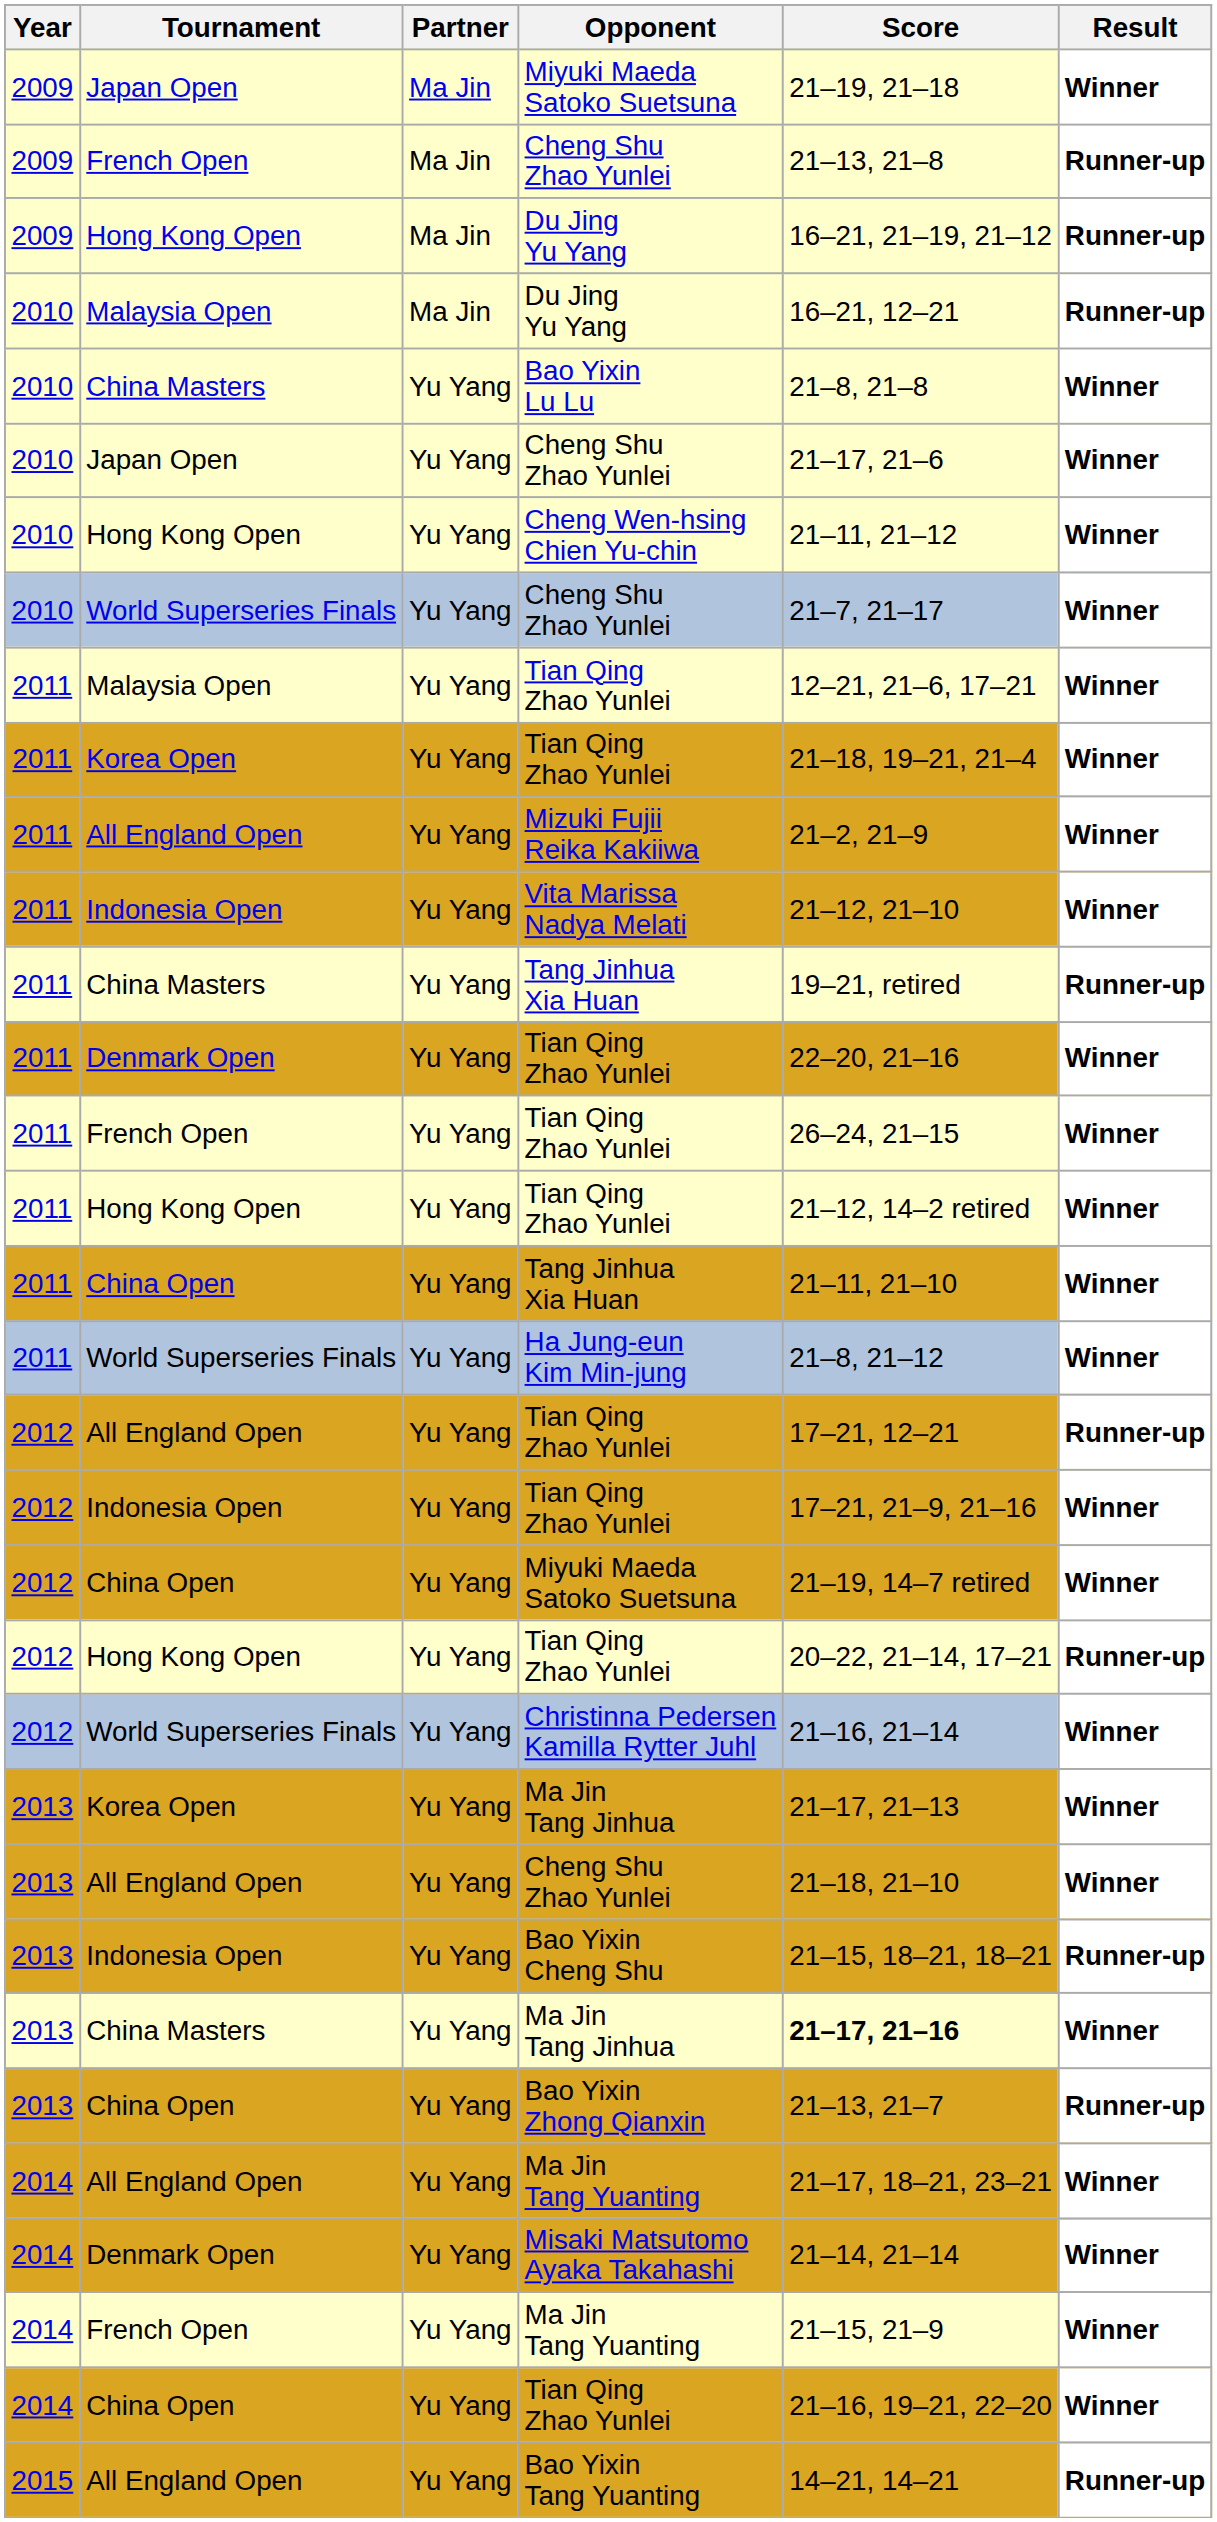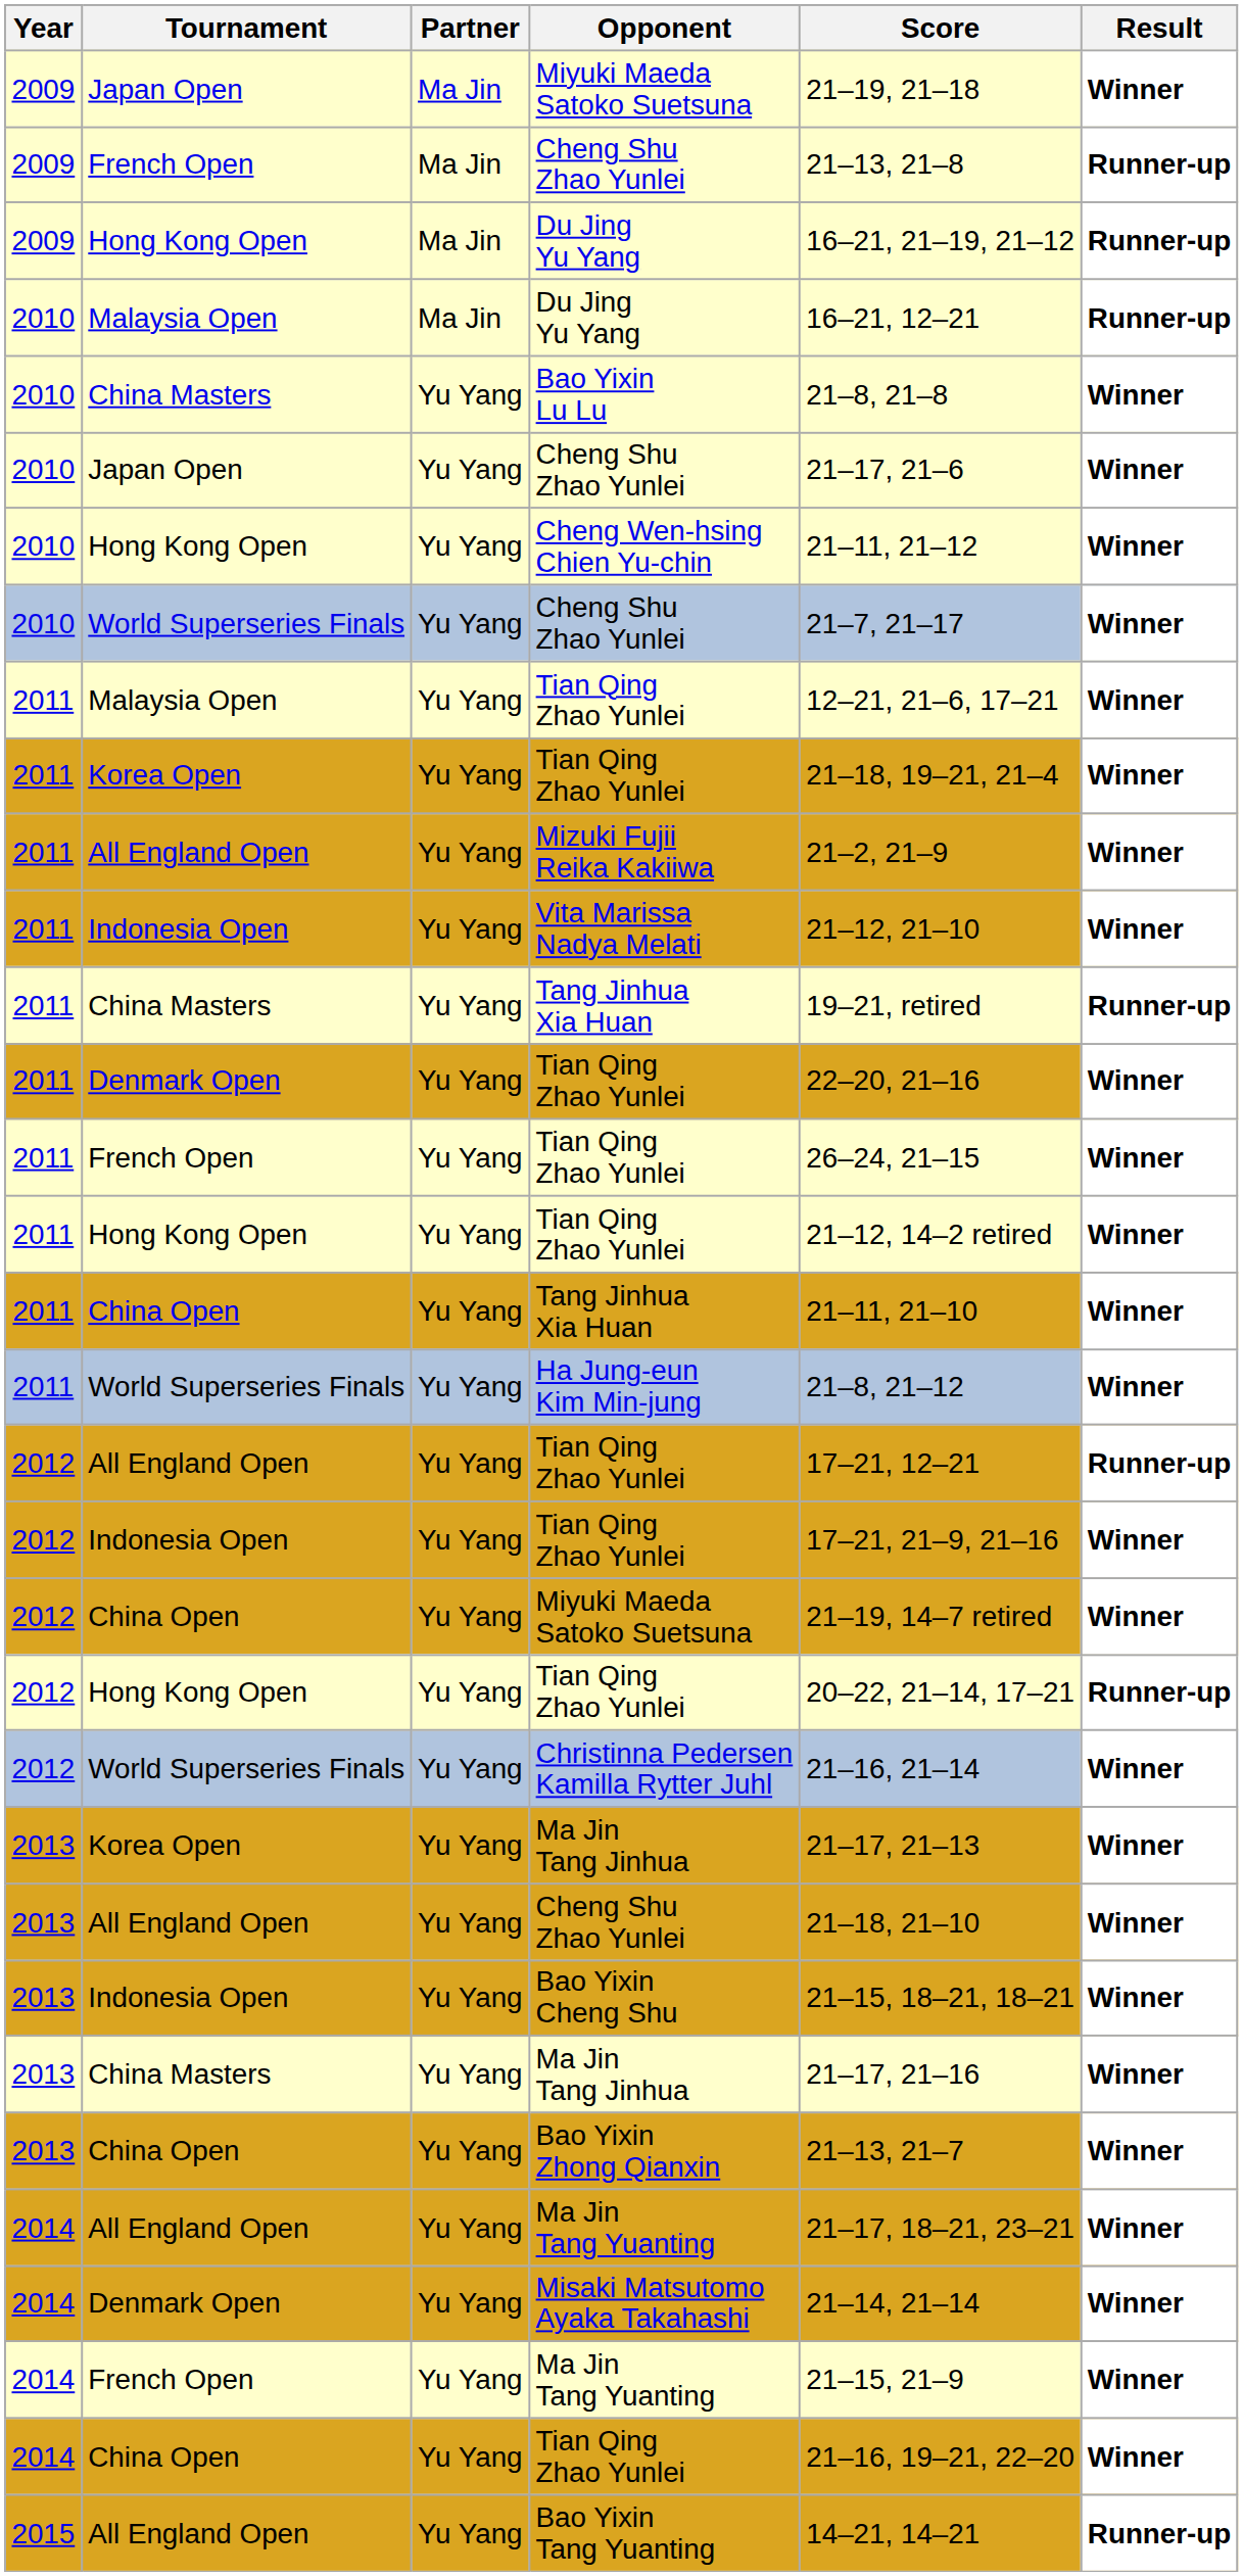 <table class="sortable wikitable" style="font-size: 90%;">
 <tr>
 <th>Year</th>
 <th>Tournament</th>
 <th>Partner</th>
 <th>Opponent</th>
 <th>Score</th>
 <th>Result</th>
 </tr>
 <tr style="background:#FFFFCC">
 <td align="center"><a href='#'>2009</a></td>
 <td align="left"><a href='#'>Japan Open</a></td>
 <td align="left"> <a href='#'>Ma Jin</a></td>
 <td align="left"> <a href='#'>Miyuki Maeda</a> <br>  <a href='#'>Satoko Suetsuna</a></td>
 <td align="left">21–19, 21–18</td>
 <td style="text-align:left; background:white"> <strong>Winner</strong></td>
 </tr>
 <tr style="background:#FFFFCC">
 <td align="center"><a href='#'>2009</a></td>
 <td align="left"><a href='#'>French Open</a></td>
 <td align="left"> Ma Jin</td>
 <td align="left"> <a href='#'>Cheng Shu</a> <br>  <a href='#'>Zhao Yunlei</a></td>
 <td align="left">21–13, 21–8</td>
 <td style="text-align:left; background:white"> <strong>Runner-up</strong></td>
 </tr>
 <tr style="background:#FFFFCC">
 <td align="center"><a href='#'>2009</a></td>
 <td align="left"><a href='#'>Hong Kong Open</a></td>
 <td align="left"> Ma Jin</td>
 <td align="left"> <a href='#'>Du Jing</a> <br>  <a href='#'>Yu Yang</a></td>
 <td align="left">16–21, 21–19, 21–12</td>
 <td style="text-align:left; background:white"> <strong>Runner-up</strong></td>
 </tr>
 <tr style="background:#FFFFCC">
 <td align="center"><a href='#'>2010</a></td>
 <td align="left"><a href='#'>Malaysia Open</a></td>
 <td align="left"> Ma Jin</td>
 <td align="left"> Du Jing <br>  Yu Yang</td>
 <td align="left">16–21, 12–21</td>
 <td style="text-align:left; background:white"> <strong>Runner-up</strong></td>
 </tr>
 <tr style="background:#FFFFCC">
 <td align="center"><a href='#'>2010</a></td>
 <td align="left"><a href='#'>China Masters</a></td>
 <td align="left"> Yu Yang</td>
 <td align="left"> <a href='#'>Bao Yixin</a> <br>  <a href='#'>Lu Lu</a></td>
 <td align="left">21–8, 21–8</td>
 <td style="text-align:left; background:white"> <strong>Winner</strong></td>
 </tr>
 <tr style="background:#FFFFCC">
 <td align="center"><a href='#'>2010</a></td>
 <td align="left">Japan Open</td>
 <td align="left"> Yu Yang</td>
 <td align="left"> Cheng Shu <br>  Zhao Yunlei</td>
 <td align="left">21–17, 21–6</td>
 <td style="text-align:left; background:white"> <strong>Winner</strong></td>
 </tr>
 <tr style="background:#FFFFCC">
 <td align="center"><a href='#'>2010</a></td>
 <td align="left">Hong Kong Open</td>
 <td align="left"> Yu Yang</td>
 <td align="left"> <a href='#'>Cheng Wen-hsing</a> <br>  <a href='#'>Chien Yu-chin</a></td>
 <td align="left">21–11, 21–12</td>
 <td style="text-align:left; background:white"> <strong>Winner</strong></td>
 </tr>
 <tr style="background:#B0C4DE">
 <td align="center"><a href='#'>2010</a></td>
 <td align="left"><a href='#'>World Superseries Finals</a></td>
 <td align="left"> Yu Yang</td>
 <td align="left"> Cheng Shu <br>  Zhao Yunlei</td>
 <td align="left">21–7, 21–17</td>
 <td style="text-align:left; background:white"> <strong>Winner</strong></td>
 </tr>
 <tr style="background:#FFFFCC">
 <td align="center"><a href='#'>2011</a></td>
 <td align="left">Malaysia Open</td>
 <td align="left"> Yu Yang</td>
 <td align="left"> <a href='#'>Tian Qing</a> <br>  Zhao Yunlei</td>
 <td align="left">12–21, 21–6, 17–21</td>
 <td style="text-align:left; background:white"> <strong>Winner</strong></td>
 </tr>
 <tr style="background:#DAA520">
 <td align="center"><a href='#'>2011</a></td>
 <td align="left"><a href='#'>Korea Open</a></td>
 <td align="left"> Yu Yang</td>
 <td align="left"> Tian Qing <br>  Zhao Yunlei</td>
 <td align="left">21–18, 19–21, 21–4</td>
 <td style="text-align:left; background:white"> <strong>Winner</strong></td>
 </tr>
 <tr style="background:#DAA520">
 <td align="center"><a href='#'>2011</a></td>
 <td align="left"><a href='#'>All England Open</a></td>
 <td align="left"> Yu Yang</td>
 <td align="left"> <a href='#'>Mizuki Fujii</a> <br>  <a href='#'>Reika Kakiiwa</a></td>
 <td align="left">21–2, 21–9</td>
 <td style="text-align:left; background:white"> <strong>Winner</strong></td>
 </tr>
 <tr style="background:#DAA520">
 <td align="center"><a href='#'>2011</a></td>
 <td align="left"><a href='#'>Indonesia Open</a></td>
 <td align="left"> Yu Yang</td>
 <td align="left"> <a href='#'>Vita Marissa</a> <br>  <a href='#'>Nadya Melati</a></td>
 <td align="left">21–12, 21–10</td>
 <td style="text-align:left; background:white"> <strong>Winner</strong></td>
 </tr>
 <tr style="background:#FFFFCC">
 <td align="center"><a href='#'>2011</a></td>
 <td align="left">China Masters</td>
 <td align="left"> Yu Yang</td>
 <td align="left"> <a href='#'>Tang Jinhua</a> <br>  <a href='#'>Xia Huan</a></td>
 <td align="left">19–21, retired</td>
 <td style="text-align:left; background:white"> <strong>Runner-up</strong></td>
 </tr>
 <tr style="background:#DAA520">
 <td align="center"><a href='#'>2011</a></td>
 <td align="left"><a href='#'>Denmark Open</a></td>
 <td align="left"> Yu Yang</td>
 <td align="left"> Tian Qing <br>  Zhao Yunlei</td>
 <td align="left">22–20, 21–16</td>
 <td style="text-align:left; background:white"> <strong>Winner</strong></td>
 </tr>
 <tr style="background:#FFFFCC">
 <td align="center"><a href='#'>2011</a></td>
 <td align="left">French Open</td>
 <td align="left"> Yu Yang</td>
 <td align="left"> Tian Qing <br>  Zhao Yunlei</td>
 <td align="left">26–24, 21–15</td>
 <td style="text-align:left; background:white"> <strong>Winner</strong></td>
 </tr>
 <tr style="background:#FFFFCC">
 <td align="center"><a href='#'>2011</a></td>
 <td align="left">Hong Kong Open</td>
 <td align="left"> Yu Yang</td>
 <td align="left"> Tian Qing <br>  Zhao Yunlei</td>
 <td align="left">21–12, 14–2 retired</td>
 <td style="text-align:left; background:white"> <strong>Winner</strong></td>
 </tr>
 <tr style="background:#DAA520">
 <td align="center"><a href='#'>2011</a></td>
 <td align="left"><a href='#'>China Open</a></td>
 <td align="left"> Yu Yang</td>
 <td align="left"> Tang Jinhua <br>  Xia Huan</td>
 <td align="left">21–11, 21–10</td>
 <td style="text-align:left; background:white"> <strong>Winner</strong></td>
 </tr>
 <tr style="background:#B0C4DE">
 <td align="center"><a href='#'>2011</a></td>
 <td align="left">World Superseries Finals</td>
 <td align="left"> Yu Yang</td>
 <td align="left"> <a href='#'>Ha Jung-eun</a> <br>  <a href='#'>Kim Min-jung</a></td>
 <td align="left">21–8, 21–12</td>
 <td style="text-align:left; background:white"> <strong>Winner</strong></td>
 </tr>
 <tr style="background:#DAA520">
 <td align="center"><a href='#'>2012</a></td>
 <td align="left">All England Open</td>
 <td align="left"> Yu Yang</td>
 <td align="left"> Tian Qing <br>  Zhao Yunlei</td>
 <td align="left">17–21, 12–21</td>
 <td style="text-align:left; background:white"> <strong>Runner-up</strong></td>
 </tr>
 <tr style="background:#DAA520">
 <td align="center"><a href='#'>2012</a></td>
 <td align="left">Indonesia Open</td>
 <td align="left"> Yu Yang</td>
 <td align="left"> Tian Qing <br>  Zhao Yunlei</td>
 <td align="left">17–21, 21–9, 21–16</td>
 <td style="text-align:left; background:white"> <strong>Winner</strong></td>
 </tr>
 <tr style="background:#DAA520">
 <td align="center"><a href='#'>2012</a></td>
 <td align="left">China Open</td>
 <td align="left"> Yu Yang</td>
 <td align="left"> Miyuki Maeda <br>  Satoko Suetsuna</td>
 <td align="left">21–19, 14–7 retired</td>
 <td style="text-align:left; background:white"> <strong>Winner</strong></td>
 </tr>
 <tr style="background:#FFFFCC">
 <td align="center"><a href='#'>2012</a></td>
 <td align="left">Hong Kong Open</td>
 <td align="left"> Yu Yang</td>
 <td align="left"> Tian Qing <br>  Zhao Yunlei</td>
 <td align="left">20–22, 21–14, 17–21</td>
 <td style="text-align:left; background:white"> <strong>Runner-up</strong></td>
 </tr>
 <tr style="background:#B0C4DE">
 <td align="center"><a href='#'>2012</a></td>
 <td align="left">World Superseries Finals</td>
 <td align="left"> Yu Yang</td>
 <td align="left"> <a href='#'>Christinna Pedersen</a> <br>  <a href='#'>Kamilla Rytter Juhl</a></td>
 <td align="left">21–16, 21–14</td>
 <td style="text-align:left; background:white"> <strong>Winner</strong></td>
 </tr>
 <tr style="background:#DAA520">
 <td align="center"><a href='#'>2013</a></td>
 <td align="left">Korea Open</td>
 <td align="left"> Yu Yang</td>
 <td align="left"> Ma Jin <br>  Tang Jinhua</td>
 <td align="left">21–17, 21–13</td>
 <td style="text-align:left; background:white"> <strong>Winner</strong></td>
 </tr>
 <tr style="background:#DAA520">
 <td align="center"><a href='#'>2013</a></td>
 <td align="left">All England Open</td>
 <td align="left"> Yu Yang</td>
 <td align="left"> Cheng Shu <br>  Zhao Yunlei</td>
 <td align="left">21–18, 21–10</td>
 <td style="text-align:left; background:white"> <strong>Winner</strong></td>
 </tr>
 <tr style="background:#DAA520">
 <td align="center"><a href='#'>2013</a></td>
 <td align="left">Indonesia Open</td>
 <td align="left"> Yu Yang</td>
 <td align="left"> Bao Yixin <br>  Cheng Shu</td>
 <td align="left">21–15, 18–21, 18–21</td>
-<td style="text-align:left; background:white"> <strong>Runner-up</strong></td>
+<td style="text-align:left; background:white"> <strong>Winner</strong></td>
 </tr>
 <tr style="background:#FFFFCC">
 <td align="center"><a href='#'>2013</a></td>
 <td align="left">China Masters</td>
 <td align="left"> Yu Yang</td>
 <td align="left"> Ma Jin <br>  Tang Jinhua</td>
-<td align="left"><strong>21–17, 21–16</strong></td>
+<td align="left">21–17, 21–16</td>
 <td style="text-align:left; background:white"> <strong>Winner</strong></td>
 </tr>
 <tr style="background:#DAA520">
 <td align="center"><a href='#'>2013</a></td>
 <td align="left">China Open</td>
 <td align="left"> Yu Yang</td>
 <td align="left"> Bao Yixin <br>  <a href='#'>Zhong Qianxin</a></td>
 <td align="left">21–13, 21–7</td>
-<td style="text-align:left; background:white"> <strong>Runner-up</strong></td>
+<td style="text-align:left; background:white"> <strong>Winner</strong></td>
 </tr>
 <tr style="background:#DAA520">
 <td align="center"><a href='#'>2014</a></td>
 <td align="left">All England Open</td>
 <td align="left"> Yu Yang</td>
 <td align="left"> Ma Jin <br>  <a href='#'>Tang Yuanting</a></td>
 <td align="left">21–17, 18–21, 23–21</td>
 <td style="text-align:left; background:white"> <strong>Winner</strong></td>
 </tr>
 <tr style="background:#DAA520">
 <td align="center"><a href='#'>2014</a></td>
 <td align="left">Denmark Open</td>
 <td align="left"> Yu Yang</td>
 <td align="left"> <a href='#'>Misaki Matsutomo</a> <br>  <a href='#'>Ayaka Takahashi</a></td>
 <td align="left">21–14, 21–14</td>
 <td style="text-align:left; background:white"> <strong>Winner</strong></td>
 </tr>
 <tr style="background:#FFFFCC">
 <td align="center"><a href='#'>2014</a></td>
 <td align="left">French Open</td>
 <td align="left"> Yu Yang</td>
 <td align="left"> Ma Jin <br>  Tang Yuanting</td>
 <td align="left">21–15, 21–9</td>
 <td style="text-align:left; background:white"> <strong>Winner</strong></td>
 </tr>
 <tr style="background:#DAA520">
 <td align="center"><a href='#'>2014</a></td>
 <td align="left">China Open</td>
 <td align="left"> Yu Yang</td>
 <td align="left"> Tian Qing <br>  Zhao Yunlei</td>
 <td align="left">21–16, 19–21, 22–20</td>
 <td style="text-align:left; background:white"> <strong>Winner</strong></td>
 </tr>
 <tr style="background:#DAA520">
 <td align="center"><a href='#'>2015</a></td>
 <td align="left">All England Open</td>
 <td align="left"> Yu Yang</td>
 <td align="left"> Bao Yixin <br>  Tang Yuanting</td>
 <td align="left">14–21, 14–21</td>
 <td style="text-align:left; background:white"> <strong>Runner-up</strong></td>
 </tr>
 </table>
